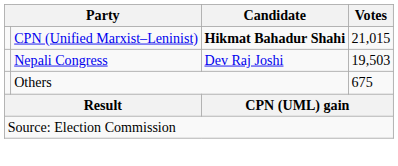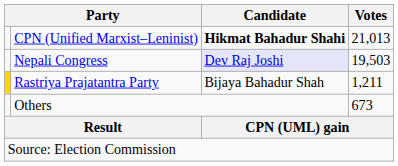 <table class="wikitable">
 <tr>
 <th colspan="2">Party</th>
 <th>Candidate</th>
 <th>Votes</th>
 </tr>
 <tr>
 <td style="background-color:"></td>
 <td><a href='#'>CPN (Unified Marxist–Leninist)</a></td>
 <td><strong>Hikmat Bahadur Shahi</strong></td>
-<td>21,015</td>
+<td>21,013</td>
 </tr>
 <tr>
 <td style="background-color:"></td>
 <td><a href='#'>Nepali Congress</a></td>
-<td><a href='#'>Dev Raj Joshi</a></td>
+<td style="background: lavender;"><a href='#'>Dev Raj Joshi</a></td>
 <td>19,503</td>
+</tr>
+<tr>
+<td style="background-color:gold"></td>
+<td><a href='#'>Rastriya Prajatantra Party</a></td>
+<td>Bijaya Bahadur Shah</td>
+<td>1,211</td>
 </tr>
 <tr>
 <td></td>
 <td colspan="2">Others</td>
-<td>675</td>
+<td>673</td>
 </tr>
 <tr>
 <th colspan="2">Result</th>
 <th colspan="2">CPN (UML) gain</th>
 </tr>
 <tr>
 <td colspan="4">Source: Election Commission</td>
 </tr>
 </table>
